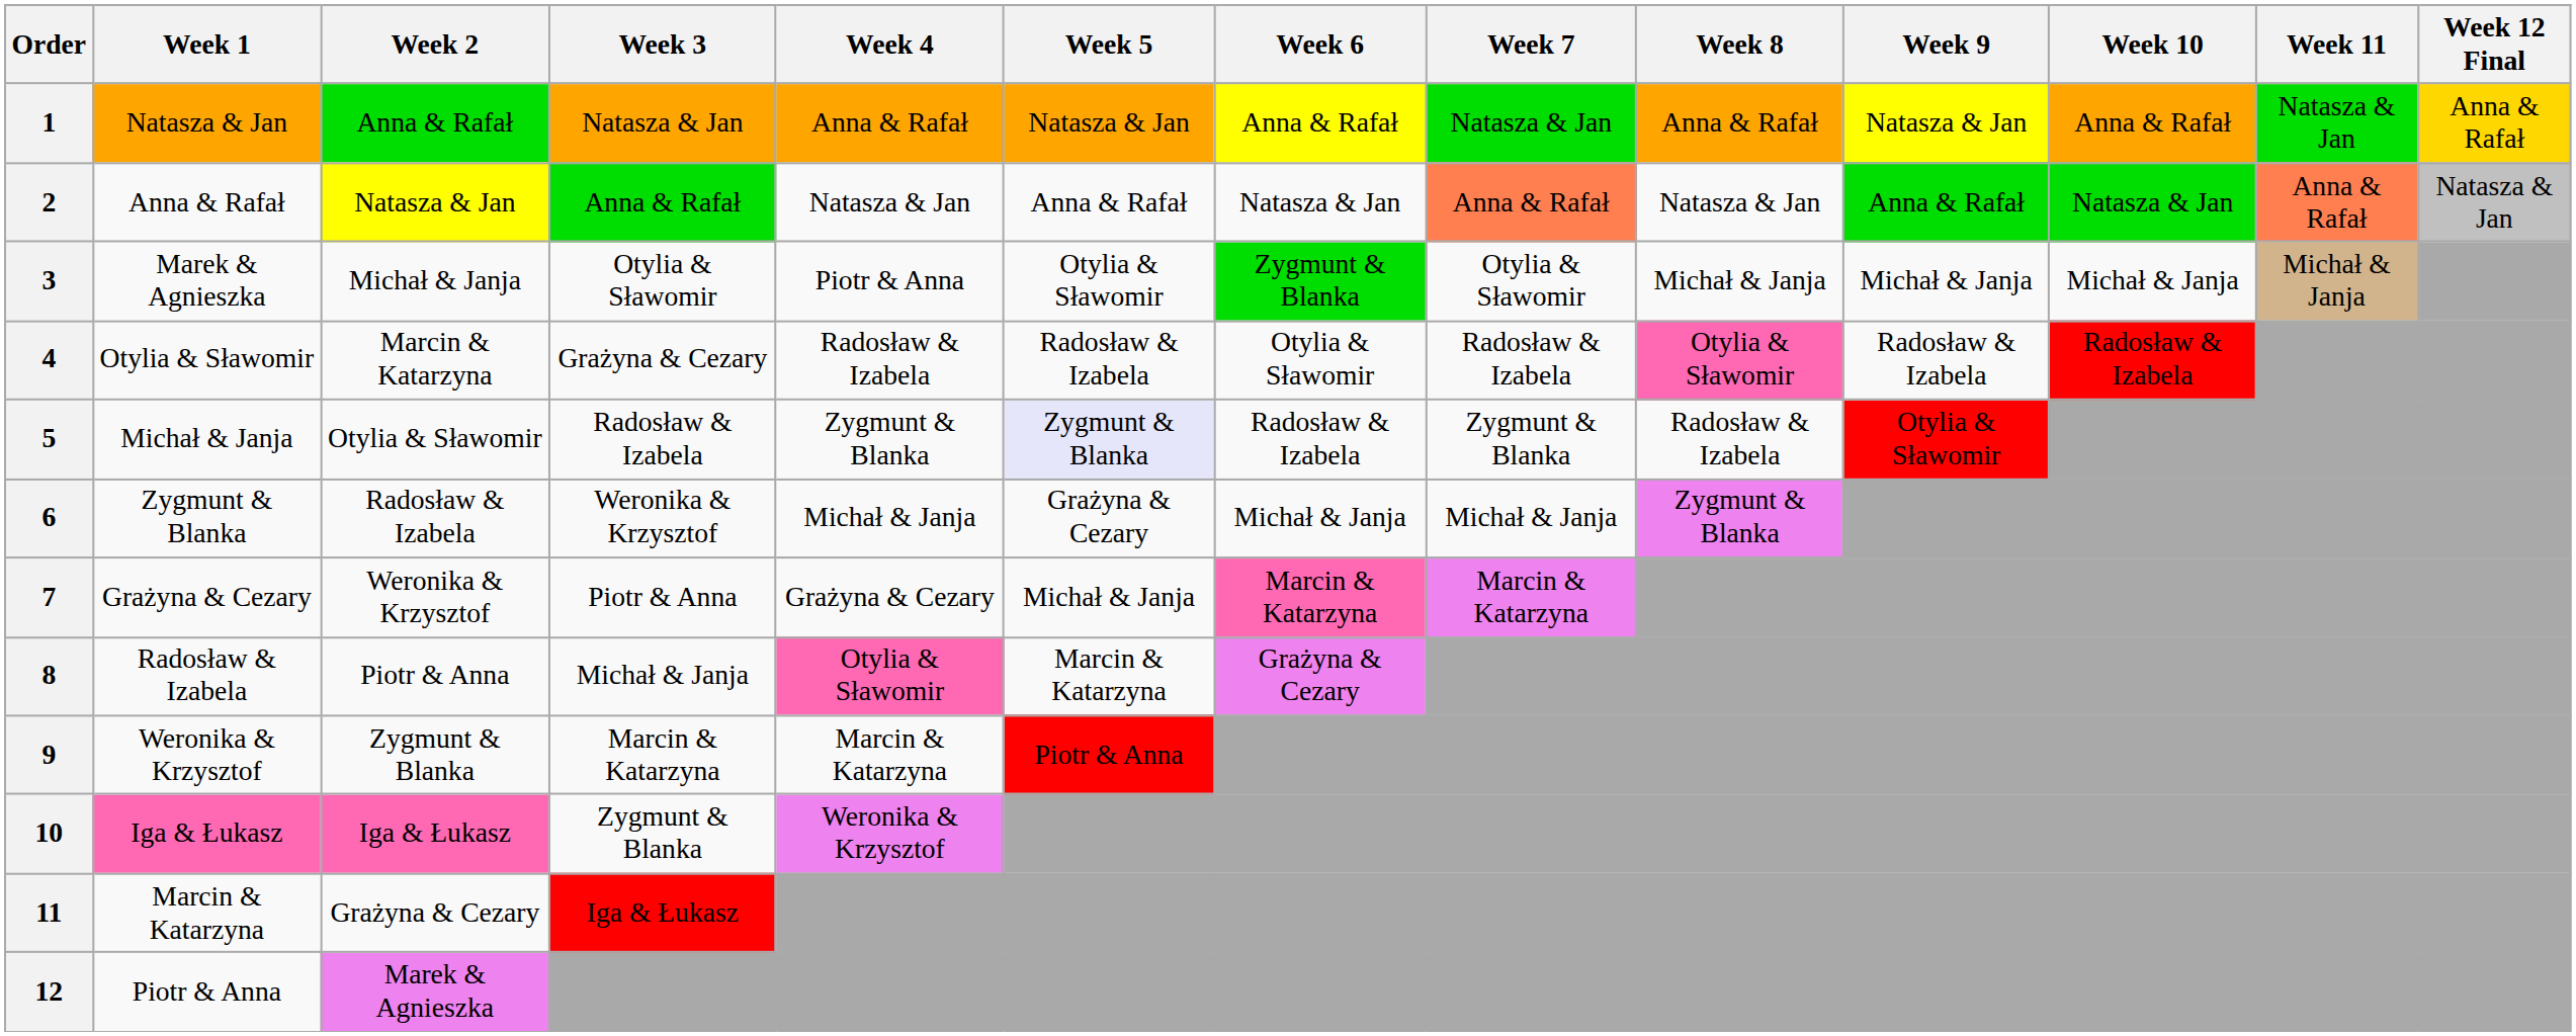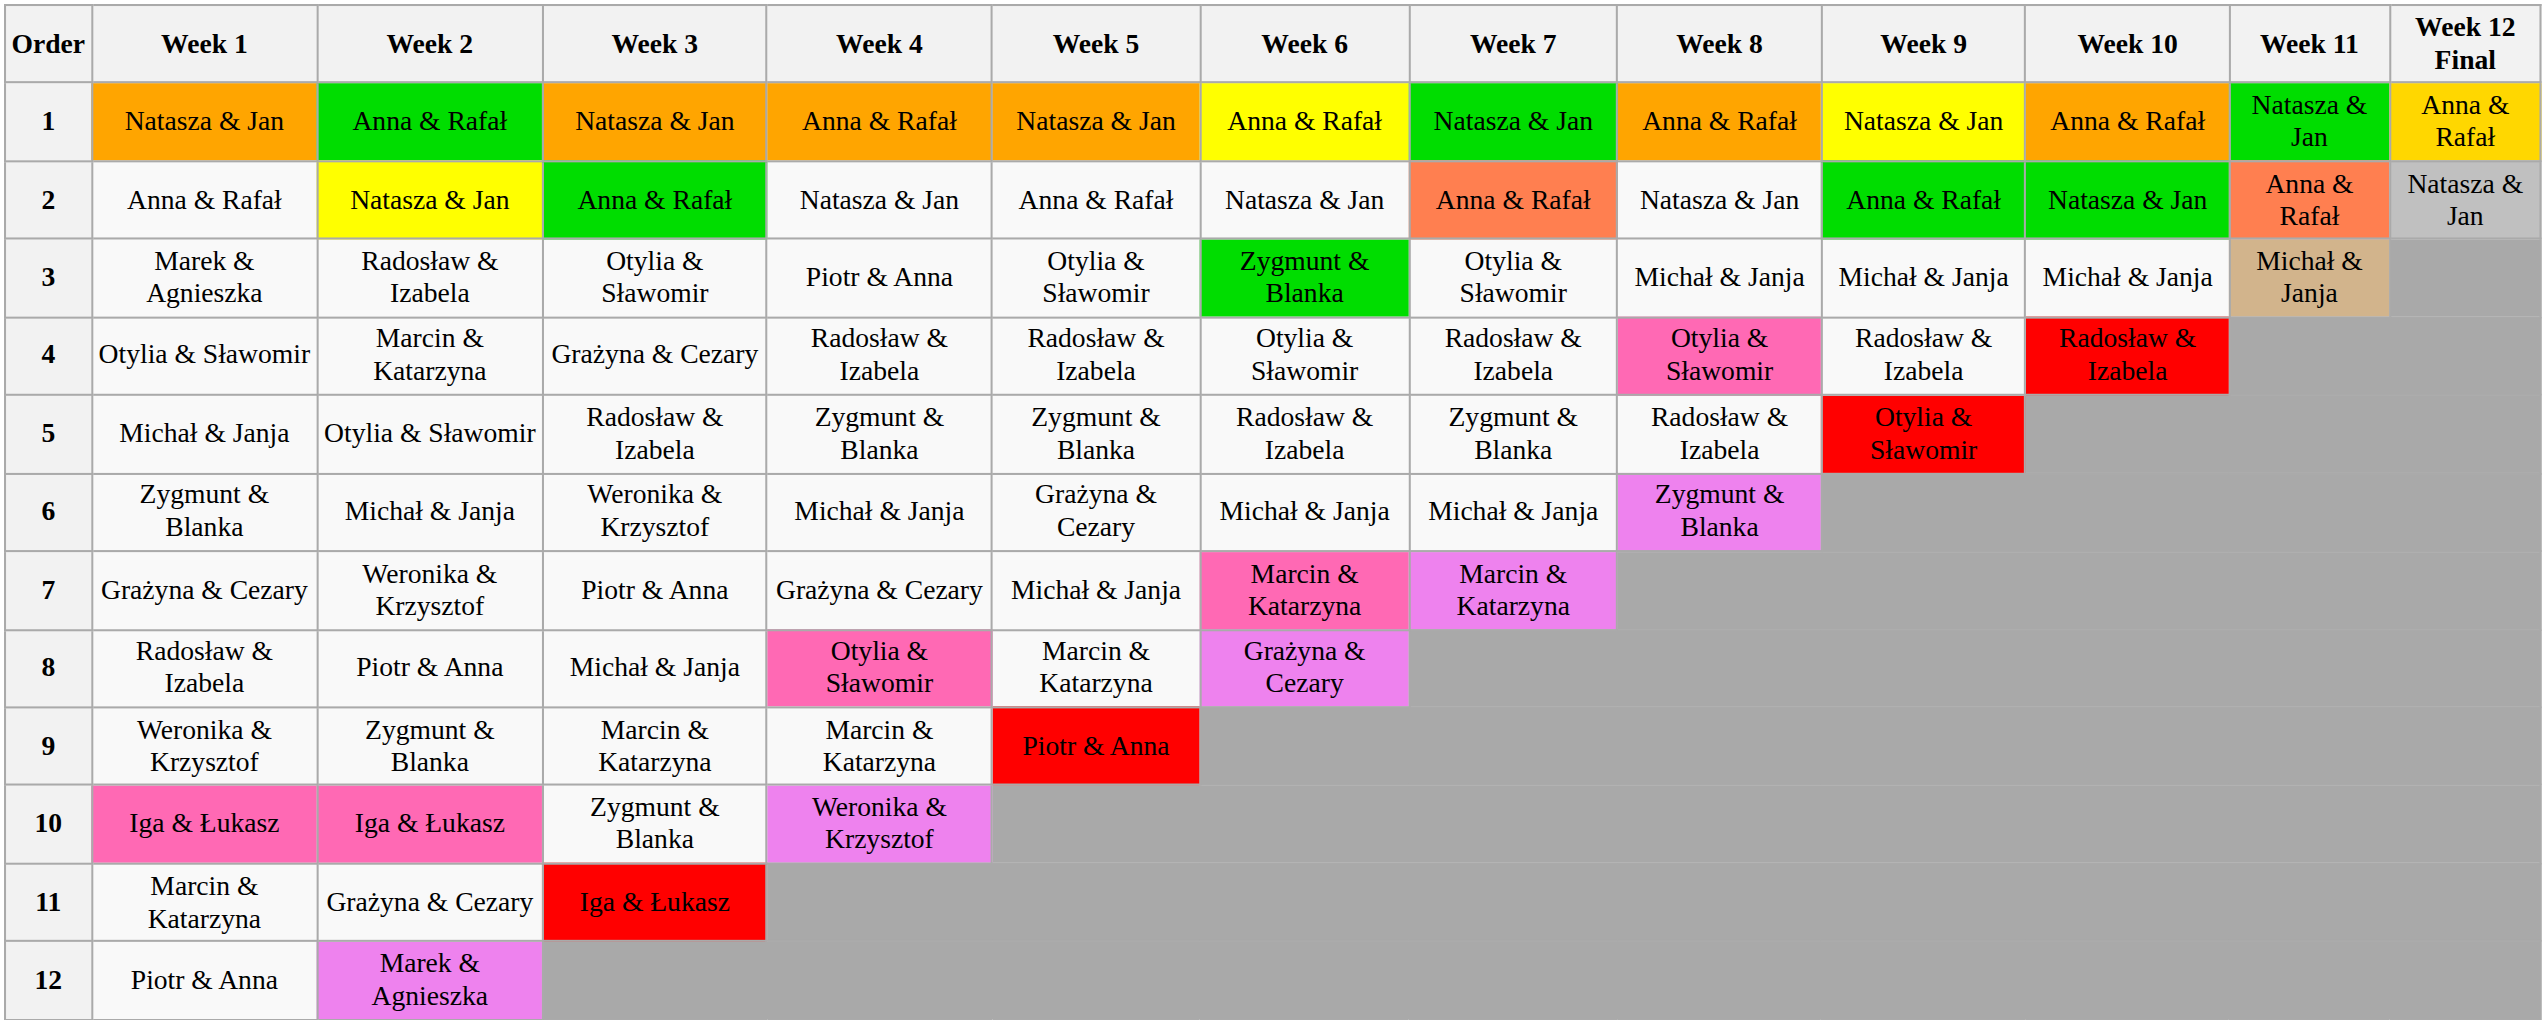 <table class="wikitable" style="font-size:85%; text-align:center">
 <tr>
 <th>Order</th>
 <th>Week 1</th>
 <th>Week 2</th>
 <th>Week 3</th>
 <th>Week 4</th>
 <th>Week 5</th>
 <th>Week 6</th>
 <th>Week 7</th>
 <th>Week 8</th>
 <th>Week 9</th>
 <th>Week 10</th>
 <th>Week 11</th>
 <th>Week 12<br>Final</th>
 </tr>
 <tr>
 <th>1</th>
 <td style="background:orange;">Natasza & Jan</td>
 <td style="background:#00DD00;">Anna & Rafał</td>
 <td style="background:orange;">Natasza & Jan</td>
 <td style="background:orange;">Anna & Rafał</td>
 <td style="background:orange;">Natasza & Jan</td>
 <td style="background:yellow;">Anna & Rafał</td>
 <td style="background:#00DD00;">Natasza & Jan</td>
 <td style="background:orange;">Anna & Rafał</td>
 <td style="background:yellow;">Natasza & Jan</td>
 <td style="background:orange;">Anna & Rafał</td>
 <td style="background:#00DD00;">Natasza & Jan</td>
 <td style="background:gold;">Anna & Rafał</td>
 </tr>
 <tr>
 <th>2</th>
 <td>Anna & Rafał</td>
 <td style="background:yellow;">Natasza & Jan</td>
 <td style="background:#00DD00;">Anna & Rafał</td>
 <td>Natasza & Jan</td>
 <td>Anna & Rafał</td>
 <td>Natasza & Jan</td>
 <td style="background:coral;">Anna & Rafał</td>
 <td>Natasza & Jan</td>
 <td style="background:#00DD00;">Anna & Rafał</td>
 <td style="background:#00DD00;">Natasza & Jan</td>
 <td style="background:coral;">Anna & Rafał</td>
 <td style="background:silver;">Natasza & Jan</td>
 </tr>
 <tr>
 <th>3</th>
 <td>Marek & Agnieszka</td>
-<td>Michał & Janja</td>
+<td>Radosław & Izabela</td>
 <td>Otylia & Sławomir</td>
 <td>Piotr & Anna</td>
 <td>Otylia & Sławomir</td>
 <td style="background:#00DD00;">Zygmunt & Blanka</td>
 <td>Otylia & Sławomir</td>
 <td>Michał & Janja</td>
 <td>Michał & Janja</td>
 <td>Michał & Janja</td>
 <td style="background:tan;">Michał & Janja</td>
 <td style="background:darkgray" colspan=3></td>
 </tr>
 <tr>
 <th>4</th>
 <td>Otylia & Sławomir</td>
 <td>Marcin & Katarzyna</td>
 <td>Grażyna & Cezary</td>
 <td>Radosław & Izabela</td>
 <td>Radosław & Izabela</td>
 <td>Otylia & Sławomir</td>
 <td>Radosław & Izabela</td>
 <td style="background:hotpink;">Otylia & Sławomir</td>
 <td>Radosław & Izabela</td>
 <td style="background:red;">Radosław & Izabela</td>
 <td style="background:darkgray" colspan=4></td>
 </tr>
 <tr>
 <th>5</th>
 <td>Michał & Janja</td>
 <td>Otylia & Sławomir</td>
 <td>Radosław & Izabela</td>
 <td>Zygmunt & Blanka</td>
-<td style="background: lavender;">Zygmunt & Blanka</td>
+<td>Zygmunt & Blanka</td>
 <td>Radosław & Izabela</td>
 <td>Zygmunt & Blanka</td>
 <td>Radosław & Izabela</td>
 <td style="background:red;">Otylia & Sławomir</td>
 <td style="background:darkgray" colspan=5></td>
 </tr>
 <tr>
 <th>6</th>
 <td>Zygmunt & Blanka</td>
-<td>Radosław & Izabela</td>
+<td>Michał & Janja</td>
 <td>Weronika & Krzysztof</td>
 <td>Michał & Janja</td>
 <td>Grażyna & Cezary</td>
 <td>Michał & Janja</td>
 <td>Michał & Janja</td>
 <td style="background:violet;">Zygmunt & Blanka</td>
 <td style="background:darkgray" colspan="6"></td>
 </tr>
 <tr>
 <th>7</th>
 <td>Grażyna & Cezary</td>
 <td>Weronika & Krzysztof</td>
 <td>Piotr & Anna</td>
 <td>Grażyna & Cezary</td>
 <td>Michał & Janja</td>
 <td style="background:hotpink;">Marcin & Katarzyna</td>
 <td style="background:violet;">Marcin & Katarzyna</td>
 <td style="background:darkgray" colspan="7"></td>
 </tr>
 <tr>
 <th>8</th>
 <td>Radosław & Izabela</td>
 <td>Piotr & Anna</td>
 <td>Michał & Janja</td>
 <td style="background:hotpink;">Otylia & Sławomir</td>
 <td>Marcin & Katarzyna</td>
 <td style="background:violet;">Grażyna & Cezary</td>
 <td style="background:darkgray" colspan="8"></td>
 </tr>
 <tr>
 <th>9</th>
 <td>Weronika & Krzysztof</td>
 <td>Zygmunt & Blanka</td>
 <td>Marcin & Katarzyna</td>
 <td>Marcin & Katarzyna</td>
 <td style="background:red;">Piotr & Anna</td>
 <td style="background:darkgray" colspan="9"></td>
 </tr>
 <tr>
 <th>10</th>
 <td style="background:hotpink;">Iga & Łukasz</td>
 <td style="background:hotpink;">Iga & Łukasz</td>
 <td>Zygmunt & Blanka</td>
 <td style="background:violet;">Weronika & Krzysztof</td>
 <td style="background:darkgray" colspan="10"></td>
 </tr>
 <tr>
 <th>11</th>
 <td>Marcin & Katarzyna</td>
 <td>Grażyna & Cezary</td>
 <td style="background:red;">Iga & Łukasz</td>
 <td style="background:darkgray" colspan="11"></td>
 </tr>
 <tr>
 <th>12</th>
 <td>Piotr & Anna</td>
 <td style="background:violet;">Marek & Agnieszka</td>
 <td style="background:darkgray" colspan="12"></td>
 </tr>
 </table>
